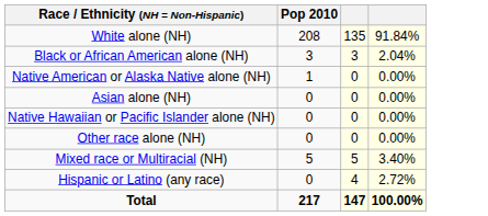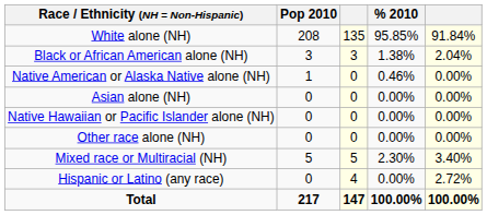 <table class="wikitable" style="text-align:center;">
 <tr>
 <th>Race / Ethnicity <small>(<em>NH = Non-Hispanic</em>)</small></th>
 <th>Pop 2010</th>
 <th></th>
+<th>% 2010</th>
 <th></th>
 </tr>
 <tr>
 <td><a href='#'>White</a> alone (NH)</td>
 <td>208</td>
 <td style='background: #ffffe6;'>135</td>
+<td>95.85%</td>
 <td style='background: #ffffe6;'>91.84%</td>
 </tr>
 <tr>
 <td><a href='#'>Black or African American</a> alone (NH)</td>
 <td>3</td>
 <td style='background: #ffffe6;'>3</td>
+<td>1.38%</td>
 <td style='background: #ffffe6;'>2.04%</td>
 </tr>
 <tr>
 <td><a href='#'>Native American</a> or <a href='#'>Alaska Native</a> alone (NH)</td>
 <td>1</td>
 <td style='background: #ffffe6;'>0</td>
+<td>0.46%</td>
 <td style='background: #ffffe6;'>0.00%</td>
 </tr>
 <tr>
 <td><a href='#'>Asian</a> alone (NH)</td>
 <td>0</td>
 <td style='background: #ffffe6;'>0</td>
+<td>0.00%</td>
 <td style='background: #ffffe6;'>0.00%</td>
 </tr>
 <tr>
 <td><a href='#'>Native Hawaiian</a> or <a href='#'>Pacific Islander</a> alone (NH)</td>
 <td>0</td>
 <td style='background: #ffffe6;'>0</td>
+<td>0.00%</td>
 <td style='background: #ffffe6;'>0.00%</td>
 </tr>
 <tr>
 <td><a href='#'>Other race</a> alone (NH)</td>
 <td>0</td>
 <td style='background: #ffffe6;'>0</td>
+<td>0.00%</td>
 <td style='background: #ffffe6;'>0.00%</td>
 </tr>
 <tr>
 <td><a href='#'>Mixed race or Multiracial</a> (NH)</td>
 <td>5</td>
 <td style='background: #ffffe6;'>5</td>
+<td>2.30%</td>
 <td style='background: #ffffe6;'>3.40%</td>
 </tr>
 <tr>
 <td><a href='#'>Hispanic or Latino</a> (any race)</td>
 <td>0</td>
 <td style='background: #ffffe6;'>4</td>
+<td>0.00%</td>
 <td style='background: #ffffe6;'>2.72%</td>
 </tr>
 <tr>
 <td><strong>Total</strong></td>
 <td><strong>217</strong></td>
 <td style='background: #ffffe6;'><strong>147</strong></td>
+<td><strong>100.00%</strong></td>
 <td style='background: #ffffe6;'><strong>100.00%</strong></td>
 </tr>
 </table>
